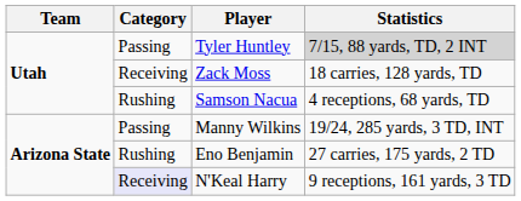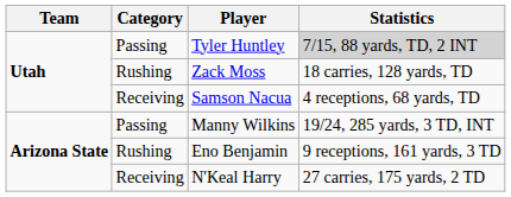 <table class="wikitable" style="float: right;">
 <tr>
 <th>Team</th>
 <th>Category</th>
 <th>Player</th>
 <th>Statistics</th>
 </tr>
 <tr>
 <td rowspan=3><strong>Utah</strong></td>
 <td>Passing</td>
 <td><a href='#'>Tyler Huntley</a></td>
 <td style="background: lightgrey;">7/15, 88 yards, TD, 2 INT</td>
 </tr>
 <tr>
-<td>Receiving</td>
+<td>Rushing</td>
 <td><a href='#'>Zack Moss</a></td>
 <td>18 carries, 128 yards, TD</td>
 </tr>
 <tr>
-<td>Rushing</td>
+<td>Receiving</td>
 <td><a href='#'>Samson Nacua</a></td>
 <td>4 receptions, 68 yards, TD</td>
 </tr>
 <tr>
 <td rowspan=3><strong>Arizona State</strong></td>
 <td>Passing</td>
 <td>Manny Wilkins</td>
 <td>19/24, 285 yards, 3 TD, INT</td>
 </tr>
 <tr>
 <td>Rushing</td>
 <td>Eno Benjamin</td>
+<td>9 receptions, 161 yards, 3 TD</td>
+</tr>
+<tr>
+<td>Receiving</td>
+<td>N'Keal Harry</td>
 <td>27 carries, 175 yards, 2 TD</td>
 </tr>
-<tr>
-<td style="background: lavender;">Receiving</td>
-<td>N'Keal Harry</td>
-<td>9 receptions, 161 yards, 3 TD</td>
-</tr>
 </table>
